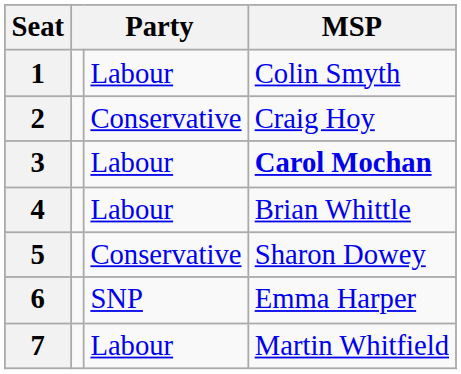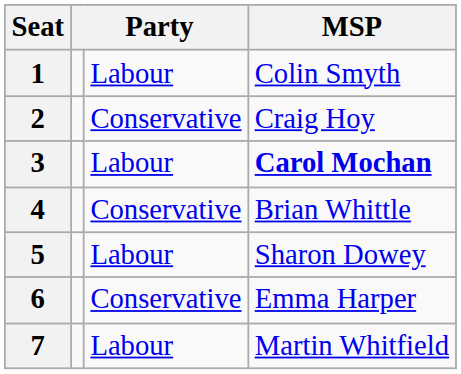 <table class="wikitable sortable">
 <tr>
 <th>Seat</th>
 <th colspan=2>Party</th>
 <th>MSP</th>
 </tr>
 <tr>
 <th>1</th>
 <td style="color:inherit;background:"></td>
 <td><a href='#'>Labour</a></td>
 <td><a href='#'>Colin Smyth</a></td>
 </tr>
 <tr>
 <th>2</th>
 <td style="color:inherit;background:"></td>
 <td><a href='#'>Conservative</a></td>
 <td><a href='#'>Craig Hoy</a></td>
 </tr>
 <tr>
 <th>3</th>
 <td style="color:inherit;background:"></td>
 <td><a href='#'>Labour</a></td>
 <td><strong><a href='#'>Carol Mochan</a></strong></td>
 </tr>
 <tr>
 <th>4</th>
 <td style="color:inherit;background:"></td>
-<td><a href='#'>Labour</a></td>
+<td><a href='#'>Conservative</a></td>
 <td><a href='#'>Brian Whittle</a></td>
 </tr>
 <tr>
 <th>5</th>
 <td style="color:inherit;background:"></td>
-<td><a href='#'>Conservative</a></td>
+<td><a href='#'>Labour</a></td>
 <td><a href='#'>Sharon Dowey</a></td>
 </tr>
 <tr>
 <th>6</th>
 <td style="color:inherit;background:"></td>
-<td><a href='#'>SNP</a></td>
+<td><a href='#'>Conservative</a></td>
 <td><a href='#'>Emma Harper</a></td>
 </tr>
 <tr>
 <th>7</th>
 <td style="color:inherit;background:"></td>
 <td><a href='#'>Labour</a></td>
 <td><a href='#'>Martin Whitfield</a></td>
 </tr>
 </table>
